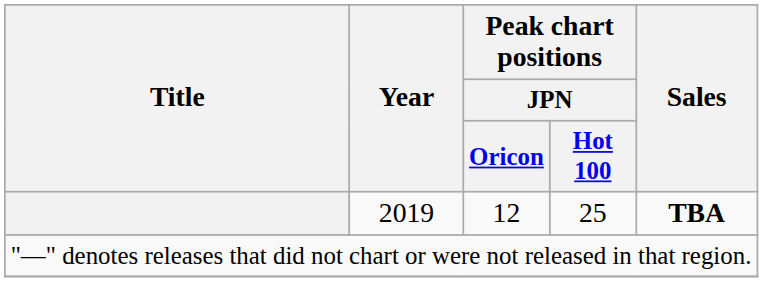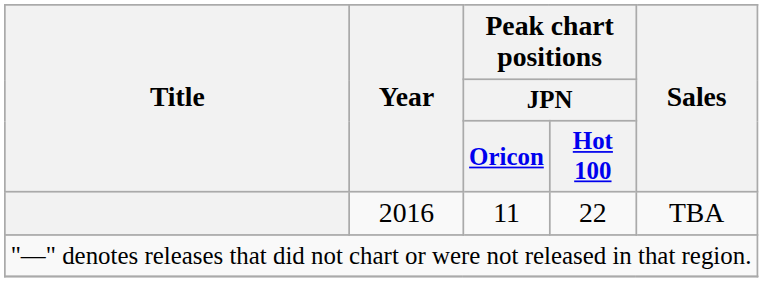 <table class="wikitable plainrowheaders" style="text-align:center;">
 <tr>
 <th scope="col" rowspan="3" style="width:12em;">Title</th>
 <th scope="col" rowspan="3">Year</th>
 <th scope="col" colspan="2">Peak chart positions</th>
 <th scope="col" rowspan="3">Sales</th>
 </tr>
 <tr>
 <th scope="col" style="width:3em;font-size:90%;" colspan="2">JPN</th>
 </tr>
 <tr>
 <th scope="col" style="width:3em;font-size:90%;"><a href='#'>Oricon</a></th>
 <th scope="col" style="width:3em;font-size:90%;"><a href='#'>Hot 100</a><br></th>
 </tr>
 <tr>
 <th scope="row"><br></th>
-<td>2019</td>
-<td>12</td>
-<td>25</td>
-<td><strong>TBA</strong></td>
+<td>2016</td>
+<td>11</td>
+<td>22</td>
+<td>TBA</td>
 </tr>
 <tr>
 <td colspan="7" style="font-size:90%;">"—" denotes releases that did not chart or were not released in that region.</td>
 </tr>
 <tr>
 </tr>
 </table>
